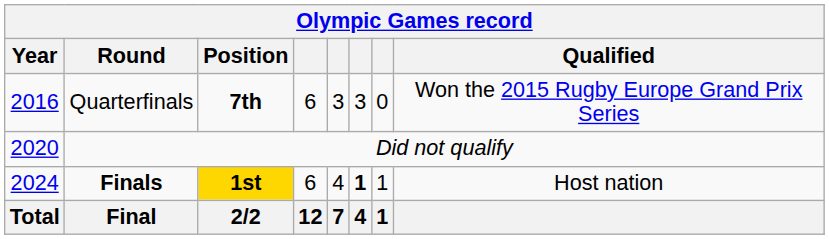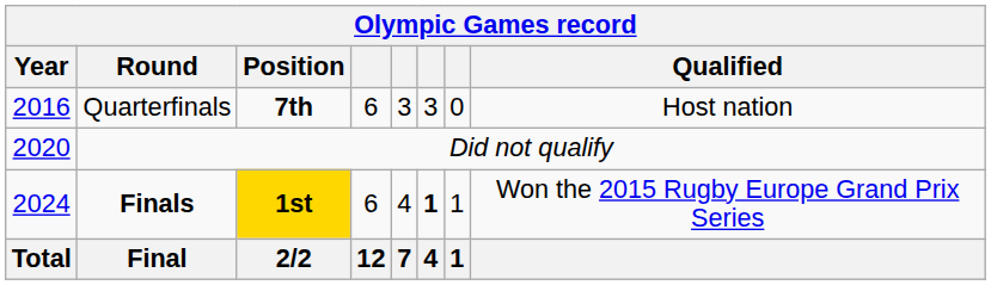 <table class="wikitable" style="text-align: center;">
 <tr>
 <th colspan=8><a href='#'>Olympic Games record</a></th>
 </tr>
 <tr>
 <th>Year</th>
 <th>Round</th>
 <th>Position</th>
 <th></th>
 <th></th>
 <th></th>
 <th></th>
 <th>Qualified</th>
 </tr>
 <tr>
 <td> <a href='#'>2016</a></td>
 <td>Quarterfinals</td>
 <td><strong>7th</strong></td>
 <td>6</td>
 <td>3</td>
 <td>3</td>
 <td>0</td>
-<td>Won the <a href='#'>2015 Rugby Europe Grand Prix Series</a></td>
+<td>Host nation</td>
 </tr>
 <tr>
 <td> <a href='#'>2020</a></td>
 <td colspan=8><em>Did not qualify</em></td>
 </tr>
 <tr>
 <td> <a href='#'>2024</a></td>
 <td><strong>Finals</strong></td>
 <td style="background:Gold"><strong>1st</strong></td>
 <td>6</td>
 <td>4</td>
 <td><strong>1</strong></td>
 <td>1</td>
-<td>Host nation</td>
+<td>Won the <a href='#'>2015 Rugby Europe Grand Prix Series</a></td>
 </tr>
 <tr>
 <th>Total</th>
 <th>Final</th>
 <th>2/2</th>
 <th>12</th>
 <th>7</th>
 <th>4</th>
 <th>1</th>
 <th></th>
 </tr>
 </table>
